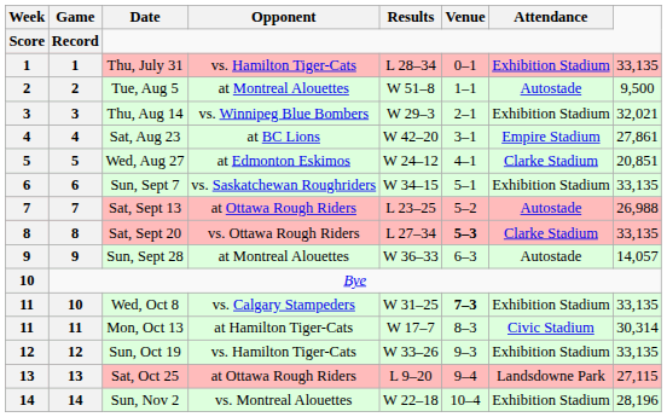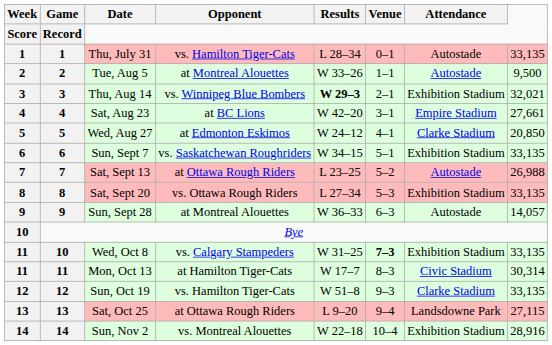 <table class="wikitable" style="text-align:center">
 <tr>
 <th>Week</th>
 <th>Game</th>
 <th>Date</th>
 <th>Opponent</th>
 <th>Results</th>
 <th>Venue</th>
 <th>Attendance</th>
 </tr>
 <tr>
 <th>Score</th>
 <th>Record</th>
 </tr>
 <tr style="background:#ffbbbb">
 <th>1</th>
 <th>1</th>
 <td>Thu, July 31</td>
 <td>vs. <a href='#'>Hamilton Tiger-Cats</a></td>
 <td>L 28–34</td>
 <td>0–1</td>
-<td><a href='#'>Exhibition Stadium</a></td>
+<td>Autostade</td>
 <td>33,135</td>
 </tr>
 <tr style="background:#ddffdd">
 <th>2</th>
 <th>2</th>
 <td>Tue, Aug 5</td>
 <td>at <a href='#'>Montreal Alouettes</a></td>
-<td>W 51–8</td>
+<td>W 33–26</td>
 <td>1–1</td>
 <td><a href='#'>Autostade</a></td>
 <td>9,500</td>
 </tr>
 <tr style="background:#ddffdd">
 <th>3</th>
 <th>3</th>
 <td>Thu, Aug 14</td>
 <td>vs. <a href='#'>Winnipeg Blue Bombers</a></td>
-<td>W 29–3</td>
+<td><strong>W 29–3</strong></td>
 <td>2–1</td>
 <td>Exhibition Stadium</td>
 <td>32,021</td>
 </tr>
 <tr style="background:#ddffdd">
 <th>4</th>
 <th>4</th>
 <td>Sat, Aug 23</td>
 <td>at <a href='#'>BC Lions</a></td>
 <td>W 42–20</td>
 <td>3–1</td>
 <td><a href='#'>Empire Stadium</a></td>
-<td>27,861</td>
+<td>27,661</td>
 </tr>
 <tr style="background:#ddffdd">
 <th>5</th>
 <th>5</th>
 <td>Wed, Aug 27</td>
 <td>at <a href='#'>Edmonton Eskimos</a></td>
 <td>W 24–12</td>
 <td>4–1</td>
 <td><a href='#'>Clarke Stadium</a></td>
-<td>20,851</td>
+<td>20,850</td>
 </tr>
 <tr style="background:#ddffdd">
 <th>6</th>
 <th>6</th>
 <td>Sun, Sept 7</td>
 <td>vs. <a href='#'>Saskatchewan Roughriders</a></td>
 <td>W 34–15</td>
 <td>5–1</td>
 <td>Exhibition Stadium</td>
 <td>33,135</td>
 </tr>
 <tr style="background:#ffbbbb">
 <th>7</th>
 <th>7</th>
 <td>Sat, Sept 13</td>
 <td>at <a href='#'>Ottawa Rough Riders</a></td>
 <td>L 23–25</td>
 <td>5–2</td>
 <td><a href='#'>Autostade</a></td>
 <td>26,988</td>
 </tr>
 <tr style="background:#ffbbbb">
 <th>8</th>
 <th>8</th>
 <td>Sat, Sept 20</td>
 <td>vs. Ottawa Rough Riders</td>
 <td>L 27–34</td>
-<td><strong>5–3</strong></td>
-<td><a href='#'>Clarke Stadium</a></td>
+<td>5–3</td>
+<td>Exhibition Stadium</td>
 <td>33,135</td>
 </tr>
 <tr style="background:#ddffdd">
 <th>9</th>
 <th>9</th>
 <td>Sun, Sept 28</td>
 <td>at Montreal Alouettes</td>
 <td>W 36–33</td>
 <td>6–3</td>
 <td>Autostade</td>
 <td>14,057</td>
 </tr>
 <tr>
 <th>10</th>
 <td colspan=7><em><a href='#'>Bye</a></em></td>
 </tr>
 <tr style="background:#ddffdd">
 <th>11</th>
 <th>10</th>
 <td>Wed, Oct 8</td>
 <td>vs. <a href='#'>Calgary Stampeders</a></td>
 <td>W 31–25</td>
 <td><strong>7–3</strong></td>
 <td>Exhibition Stadium</td>
 <td>33,135</td>
 </tr>
 <tr style="background:#ddffdd">
 <th>11</th>
 <th>11</th>
 <td>Mon, Oct 13</td>
 <td>at Hamilton Tiger-Cats</td>
 <td>W 17–7</td>
 <td>8–3</td>
 <td><a href='#'>Civic Stadium</a></td>
 <td>30,314</td>
 </tr>
 <tr style="background:#ddffdd">
 <th>12</th>
 <th>12</th>
 <td>Sun, Oct 19</td>
 <td>vs. Hamilton Tiger-Cats</td>
-<td>W 33–26</td>
+<td>W 51–8</td>
 <td>9–3</td>
-<td>Exhibition Stadium</td>
+<td><a href='#'>Clarke Stadium</a></td>
 <td>33,135</td>
 </tr>
 <tr style="background:#ffbbbb">
 <th>13</th>
 <th>13</th>
 <td>Sat, Oct 25</td>
 <td>at Ottawa Rough Riders</td>
 <td>L 9–20</td>
 <td>9–4</td>
 <td>Landsdowne Park</td>
 <td>27,115</td>
 </tr>
 <tr style="background:#ddffdd">
 <th>14</th>
 <th>14</th>
 <td>Sun, Nov 2</td>
 <td>vs. Montreal Alouettes</td>
 <td>W 22–18</td>
 <td>10–4</td>
 <td>Exhibition Stadium</td>
-<td>28,196</td>
+<td>28,916</td>
 </tr>
 </table>
